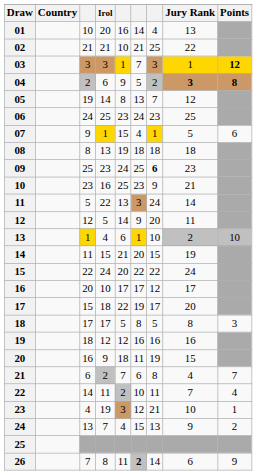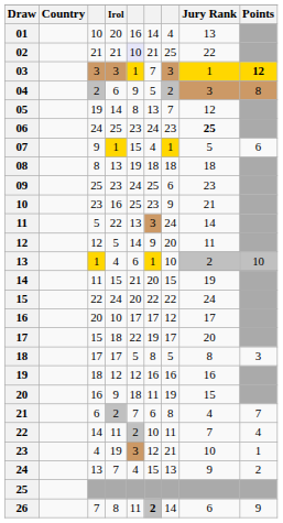 <table class="sortable wikitable collapsible plainrowheaders" style="text-align:center;">
 <tr>
 </tr>
 <tr>
 <th scope="col">Draw</th>
 <th scope="col">Country</th>
 <th scope="col"><small></small></th>
 <th scope="col"><small>Irol</small></th>
 <th scope="col"><small></small></th>
 <th scope="col"><small></small></th>
 <th scope="col"><small></small></th>
 <th scope="col">Jury Rank</th>
 <th scope="col">Points</th>
 </tr>
 <tr>
 <th scope="row" style="text-align:center;">01</th>
 <td style="text-align:left;"></td>
 <td>10</td>
 <td>20</td>
 <td>16</td>
 <td>14</td>
 <td>4</td>
 <td>13</td>
 <td style="background:#AAAAAA;"></td>
 </tr>
 <tr>
 <th scope="row" style="text-align:center;">02</th>
 <td style="text-align:left;"></td>
 <td>21</td>
 <td>21</td>
-<td>10</td>
+<td style="background: lavender;">10</td>
 <td>21</td>
 <td>25</td>
 <td>22</td>
 <td style="background:#AAAAAA;"></td>
 </tr>
 <tr>
 <th scope="row" style="text-align:center;">03</th>
 <td style="text-align:left;"></td>
 <td style="background:#CC9966;">3</td>
 <td style="background:#CC9966;">3</td>
 <td style="background:gold;">1</td>
 <td>7</td>
 <td style="background:#CC9966;">3</td>
 <td style="background:gold;">1</td>
 <td style="background:gold;"><strong>12</strong></td>
 </tr>
 <tr>
 <th scope="row" style="text-align:center;">04</th>
 <td style="text-align:left;"></td>
 <td style="background:silver;">2</td>
 <td>6</td>
 <td>9</td>
 <td>5</td>
 <td style="background:silver;">2</td>
-<td style="background:#CC9966;"><strong>3</strong></td>
-<td style="background:#CC9966;"><strong>8</strong></td>
+<td style="background:#CC9966;">3</td>
+<td style="background:#CC9966;">8</td>
 </tr>
 <tr>
 <th scope="row" style="text-align:center;">05</th>
 <td style="text-align:left;"></td>
 <td>19</td>
 <td>14</td>
 <td>8</td>
 <td>13</td>
 <td>7</td>
 <td>12</td>
 <td style="background:#AAAAAA;"></td>
 </tr>
 <tr>
 <th scope="row" style="text-align:center;">06</th>
 <td style="text-align:left;"></td>
 <td>24</td>
 <td>25</td>
 <td>23</td>
 <td>24</td>
 <td>23</td>
-<td>25</td>
+<td><strong>25</strong></td>
 <td style="background:#AAAAAA;"></td>
 </tr>
 <tr>
 <th scope="row" style="text-align:center;">07</th>
 <td style="text-align:left;"></td>
 <td>9</td>
 <td style="background:gold;">1</td>
 <td>15</td>
 <td>4</td>
 <td style="background:gold;">1</td>
 <td>5</td>
 <td>6</td>
 </tr>
 <tr>
 <th scope="row" style="text-align:center;">08</th>
 <td style="text-align:left;"></td>
 <td>8</td>
 <td>13</td>
 <td>19</td>
 <td>18</td>
 <td>18</td>
 <td>18</td>
 <td style="background:#AAAAAA;"></td>
 </tr>
 <tr>
 <th scope="row" style="text-align:center;">09</th>
 <td style="text-align:left;"></td>
 <td>25</td>
 <td>23</td>
 <td>24</td>
 <td>25</td>
-<td><strong>6</strong></td>
+<td>6</td>
 <td>23</td>
 <td style="background:#AAAAAA;"></td>
 </tr>
 <tr>
 <th scope="row" style="text-align:center;">10</th>
 <td style="text-align:left;"></td>
 <td>23</td>
 <td>16</td>
 <td>25</td>
 <td>23</td>
 <td>9</td>
 <td>21</td>
 <td style="background:#AAAAAA;"></td>
 </tr>
 <tr>
 <th scope="row" style="text-align:center;">11</th>
 <td style="text-align:left;"></td>
 <td>5</td>
 <td>22</td>
 <td>13</td>
 <td style="background:#CC9966;">3</td>
 <td>24</td>
 <td>14</td>
 <td style="background:#AAAAAA;"></td>
 </tr>
 <tr>
 <th scope="row" style="text-align:center;">12</th>
 <td style="text-align:left;"></td>
 <td>12</td>
 <td>5</td>
 <td>14</td>
 <td>9</td>
 <td>20</td>
 <td>11</td>
 <td style="background:#AAAAAA;"></td>
 </tr>
 <tr>
 <th scope="row" style="text-align:center;">13</th>
 <td style="text-align:left;"></td>
 <td style="background:gold;">1</td>
 <td>4</td>
 <td>6</td>
 <td style="background:gold;">1</td>
 <td>10</td>
 <td style="background:silver;">2</td>
 <td style="background:silver;">10</td>
 </tr>
 <tr>
 <th scope="row" style="text-align:center;">14</th>
 <td style="text-align:left;"></td>
 <td>11</td>
 <td>15</td>
 <td>21</td>
 <td>20</td>
 <td>15</td>
 <td>19</td>
 <td style="background:#AAAAAA;"></td>
 </tr>
 <tr>
 <th scope="row" style="text-align:center;">15</th>
 <td style="text-align:left;"></td>
 <td>22</td>
 <td>24</td>
 <td>20</td>
 <td>22</td>
 <td>22</td>
 <td>24</td>
 <td style="background:#AAAAAA;"></td>
 </tr>
 <tr>
 <th scope="row" style="text-align:center;">16</th>
 <td style="text-align:left;"></td>
 <td>20</td>
 <td>10</td>
 <td>17</td>
 <td>17</td>
 <td>12</td>
 <td>17</td>
 <td style="background:#AAAAAA;"></td>
 </tr>
 <tr>
 <th scope="row" style="text-align:center;">17</th>
 <td style="text-align:left;"></td>
 <td>15</td>
 <td>18</td>
 <td>22</td>
 <td>19</td>
 <td>17</td>
 <td>20</td>
 <td style="background:#AAAAAA;"></td>
 </tr>
 <tr>
 <th scope="row" style="text-align:center;">18</th>
 <td style="text-align:left;"></td>
 <td>17</td>
 <td>17</td>
 <td>5</td>
 <td>8</td>
 <td>5</td>
 <td>8</td>
 <td>3</td>
 </tr>
 <tr>
 <th scope="row" style="text-align:center;">19</th>
 <td style="text-align:left;"></td>
 <td>18</td>
 <td>12</td>
 <td>12</td>
 <td>16</td>
 <td>16</td>
 <td>16</td>
 <td style="background:#AAAAAA;"></td>
 </tr>
 <tr>
 <th scope="row" style="text-align:center;">20</th>
 <td style="text-align:left;"></td>
 <td>16</td>
 <td>9</td>
 <td>18</td>
 <td>11</td>
 <td>19</td>
 <td>15</td>
 <td style="background:#AAAAAA;"></td>
 </tr>
 <tr>
 <th scope="row" style="text-align:center;">21</th>
 <td style="text-align:left;"></td>
 <td>6</td>
 <td style="background:silver;">2</td>
 <td>7</td>
 <td>6</td>
 <td>8</td>
 <td>4</td>
 <td>7</td>
 </tr>
 <tr>
 <th scope="row" style="text-align:center;">22</th>
 <td style="text-align:left;"></td>
 <td>14</td>
 <td>11</td>
 <td style="background:silver;">2</td>
 <td>10</td>
 <td>11</td>
 <td>7</td>
 <td>4</td>
 </tr>
 <tr>
 <th scope="row" style="text-align:center;">23</th>
 <td style="text-align:left;"></td>
 <td>4</td>
 <td>19</td>
 <td style="background:#CC9966;">3</td>
 <td>12</td>
 <td>21</td>
 <td>10</td>
 <td>1</td>
 </tr>
 <tr>
 <th scope="row" style="text-align:center;">24</th>
 <td style="text-align:left;"></td>
 <td>13</td>
 <td>7</td>
 <td>4</td>
 <td>15</td>
 <td>13</td>
 <td>9</td>
 <td>2</td>
 </tr>
 <tr class="sortbottom">
 <th scope="row" style="text-align:center;">25</th>
 <td style="text-align:left;"></td>
 <td style="background:#AAAAAA;"></td>
 <td style="background:#AAAAAA;"></td>
 <td style="background:#AAAAAA;"></td>
 <td style="background:#AAAAAA;"></td>
 <td style="background:#AAAAAA;"></td>
 <td style="background:#AAAAAA;"></td>
 <td style="background:#AAAAAA;"></td>
 </tr>
 <tr>
 <th scope="row" style="text-align:center;">26</th>
 <td style="text-align:left;"></td>
 <td>7</td>
 <td>8</td>
 <td>11</td>
 <td style="background:silver;"><strong>2</strong></td>
 <td>14</td>
 <td>6</td>
 <td>9</td>
 </tr>
 </table>
